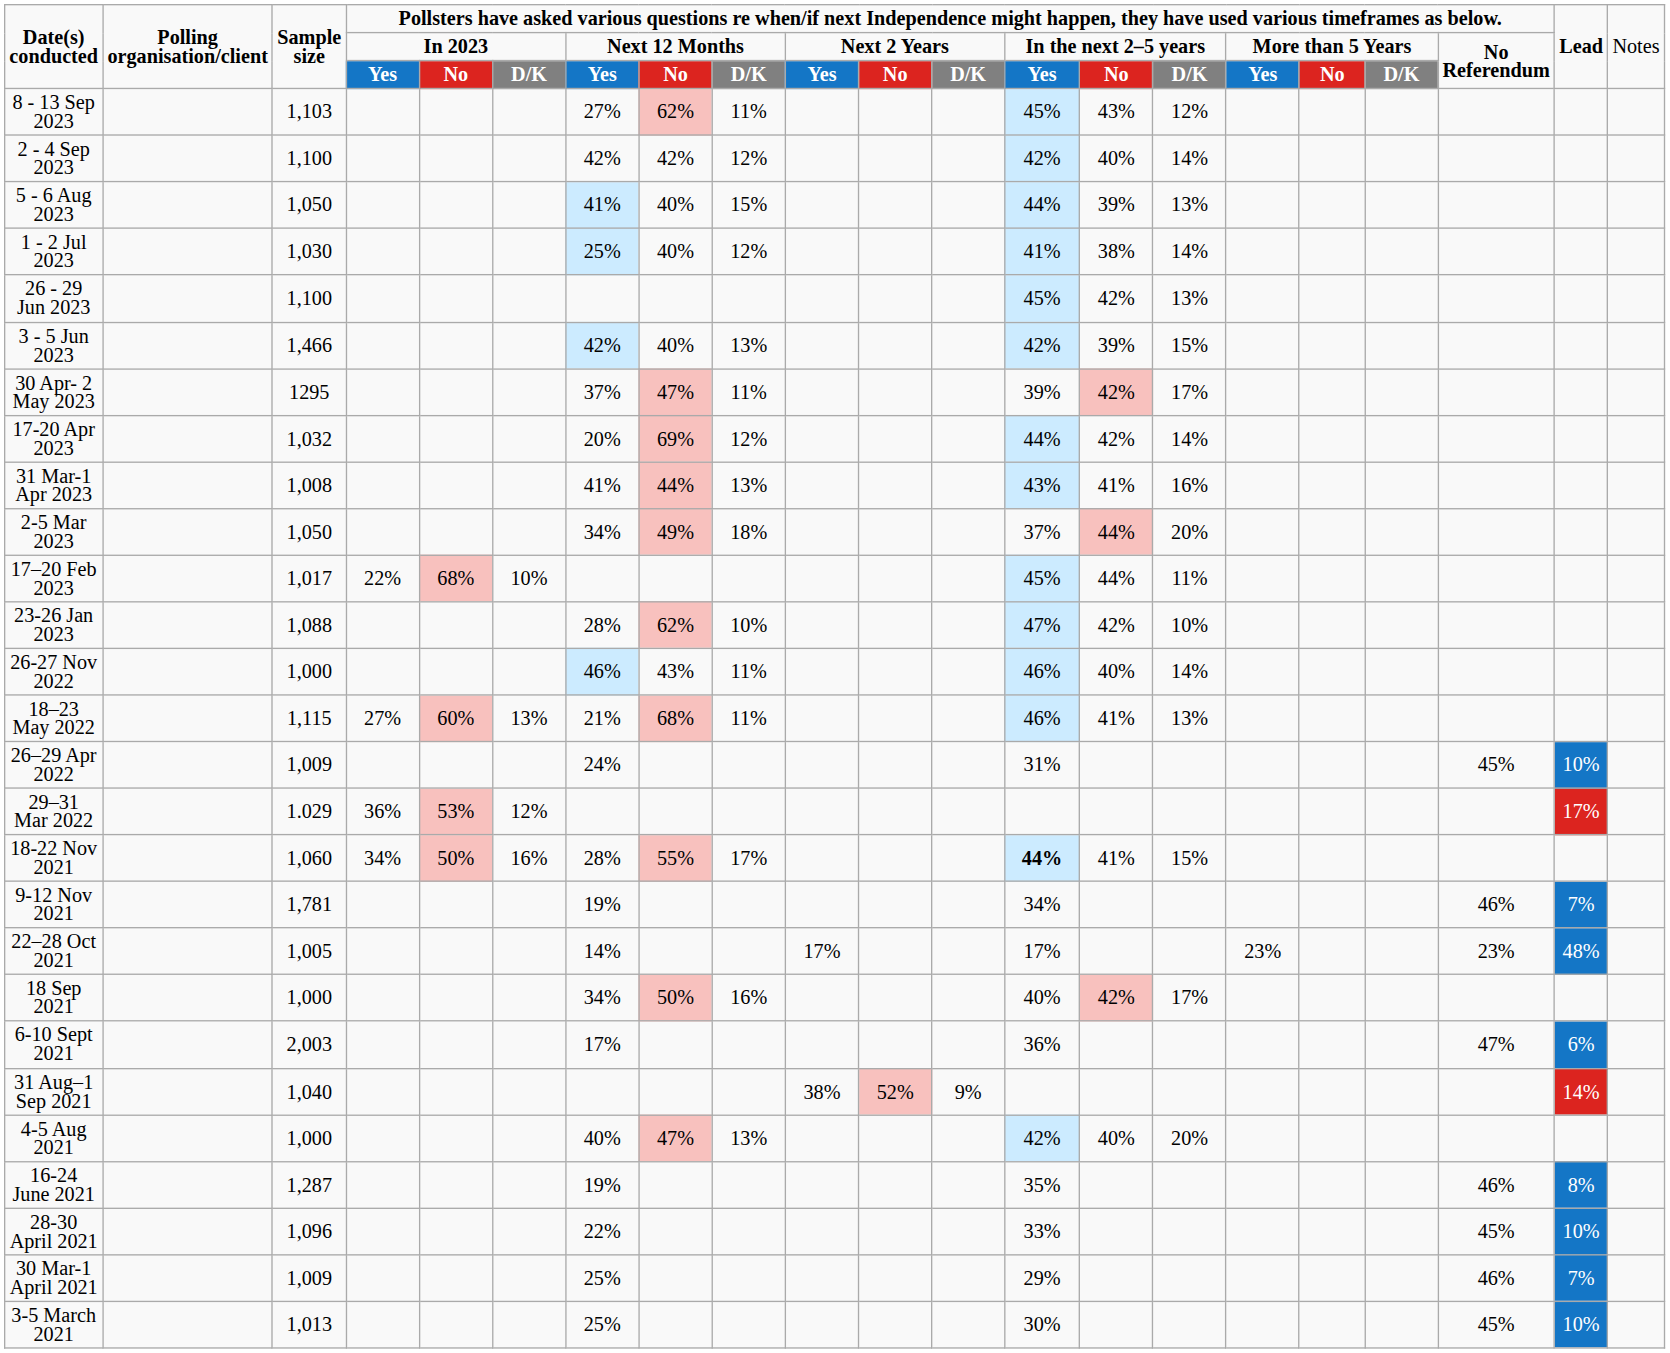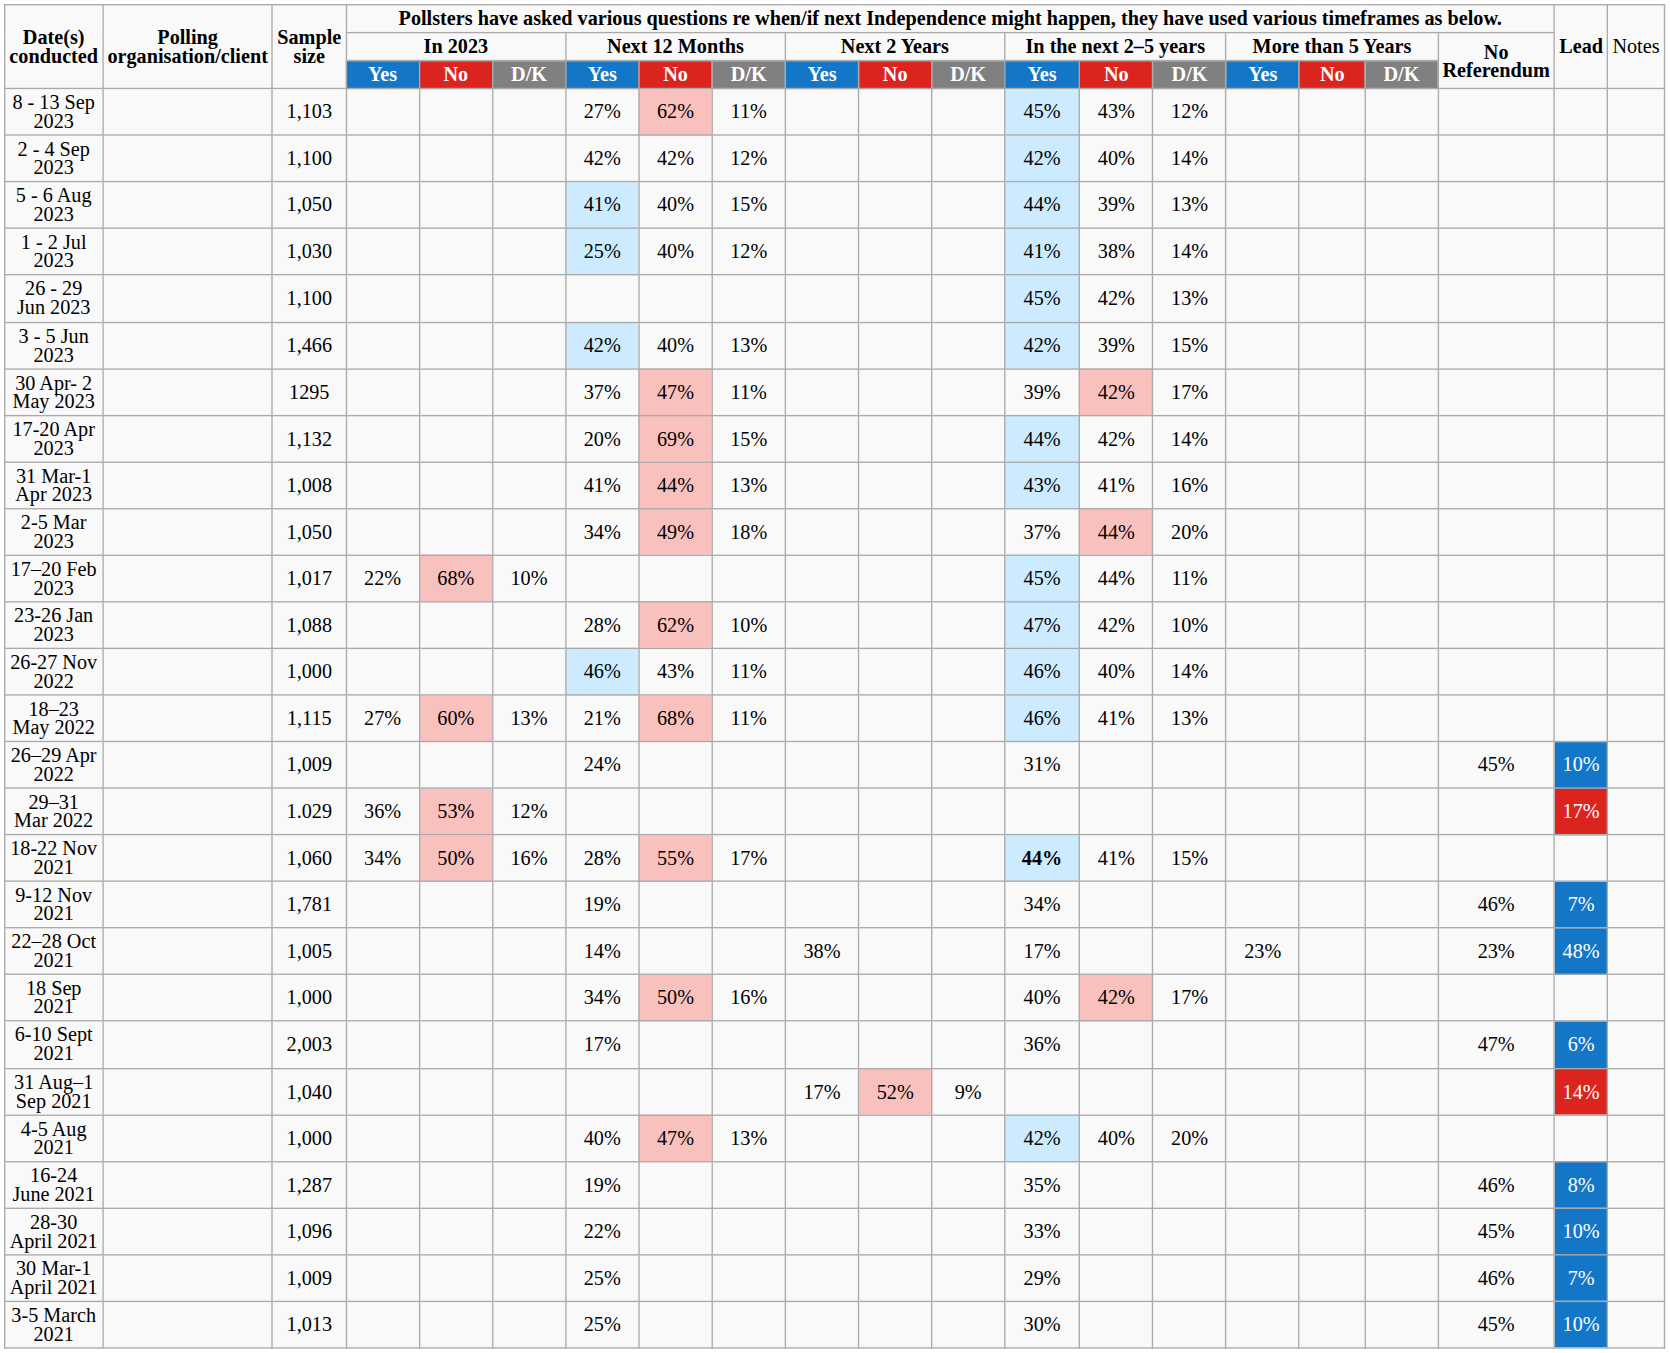 <table class="wikitable sortable" style="text-align: center; line-height: 14px; font-size: 95%;">
 <tr>
 <td rowspan="3"><strong>Date(s) conducted</strong></td>
 <td rowspan="3"><strong>Polling organisation/client</strong></td>
 <td rowspan="3"><strong>Sample size</strong></td>
 <td colspan="16"><strong>Pollsters have asked various questions re when/if next Independence might happen, they have used various timeframes as below.</strong></td>
 <td rowspan="3"><strong>Lead</strong></td>
 <td rowspan="3">Notes</td>
 </tr>
 <tr>
 <td colspan="3"><strong>In 2023</strong></td>
 <td colspan="3"><strong>Next 12  Months</strong></td>
 <td colspan="3"><strong>Next 2 Years</strong></td>
 <td colspan="3"><strong>In the next 2–5 years</strong></td>
 <td colspan="3"><strong>More than 5 Years</strong></td>
 <td rowspan="2"><strong>No Referendum</strong></td>
 </tr>
 <tr>
 <td style="background: #1476c6; width: 80px; color: white;"><strong>Yes</strong></td>
 <td style="background: #DC241F; width: 80px; color: white;"><strong>No</strong></td>
 <td class="unsortable" style="background: gray; width: 80px; color: white;"><strong>D/K</strong></td>
 <td style="background: #1476c6; width: 80px; color: white;"><strong>Yes</strong></td>
 <td style="background: #DC241F; width: 80px; color: white;"><strong>No</strong></td>
 <td class="unsortable" style="background: gray; width: 80px; color: white;"><strong>D/K</strong></td>
 <td style="background: #1476c6; width: 80px; color: white;"><strong>Yes</strong></td>
 <td style="background: #DC241F; width: 80px; color: white;"><strong>No</strong></td>
 <td class="unsortable" style="background: gray; width: 80px; color: white;"><strong>D/K</strong></td>
 <td style="background: #1476c6; width: 80px; color: white;"><strong>Yes</strong></td>
 <td style="background: #DC241F; width: 80px; color: white;"><strong>No</strong></td>
 <td class="unsortable" style="background: gray; width: 80px; color: white;"><strong>D/K</strong></td>
 <td style="background: #1476c6; width: 80px; color: white;"><strong>Yes</strong></td>
 <td style="background: #DC241F; width: 80px; color: white;"><strong>No</strong></td>
 <td class="unsortable" style="background: gray; width: 80px; color: white;"><strong>D/K</strong></td>
 </tr>
 <tr>
 <td>8 - 13 Sep 2023</td>
 <td></td>
 <td>1,103</td>
 <td></td>
 <td></td>
 <td></td>
 <td>27%</td>
 <td style="background: #F8C1BE ;">62%</td>
 <td>11%</td>
 <td></td>
 <td></td>
 <td></td>
 <td style="background:#CCEBFF;">45%</td>
 <td>43%</td>
 <td>12%</td>
 <td></td>
 <td></td>
 <td></td>
 <td></td>
 <td></td>
 <td></td>
 </tr>
 <tr>
 <td>2 - 4 Sep 2023</td>
 <td></td>
 <td>1,100</td>
 <td></td>
 <td></td>
 <td></td>
 <td>42%</td>
 <td>42%</td>
 <td>12%</td>
 <td></td>
 <td></td>
 <td></td>
 <td style="background:#CCEBFF;">42%</td>
 <td>40%</td>
 <td>14%</td>
 <td></td>
 <td></td>
 <td></td>
 <td></td>
 <td></td>
 <td></td>
 </tr>
 <tr>
 <td>5 - 6 Aug 2023</td>
 <td></td>
 <td>1,050</td>
 <td></td>
 <td></td>
 <td></td>
 <td style="background:#CCEBFF;">41%</td>
 <td>40%</td>
 <td>15%</td>
 <td></td>
 <td></td>
 <td></td>
 <td style="background:#CCEBFF;">44%</td>
 <td>39%</td>
 <td>13%</td>
 <td></td>
 <td></td>
 <td></td>
 <td></td>
 <td></td>
 <td></td>
 </tr>
 <tr>
 <td>1 - 2 Jul 2023</td>
 <td></td>
 <td>1,030</td>
 <td></td>
 <td></td>
 <td></td>
 <td style="background:#CCEBFF;">25%</td>
 <td>40%</td>
 <td>12%</td>
 <td></td>
 <td></td>
 <td></td>
 <td style="background:#CCEBFF;">41%</td>
 <td>38%</td>
 <td>14%</td>
 <td></td>
 <td></td>
 <td></td>
 <td></td>
 <td></td>
 <td></td>
 </tr>
 <tr>
 <td>26 - 29 Jun 2023</td>
 <td></td>
 <td>1,100</td>
 <td></td>
 <td></td>
 <td></td>
 <td></td>
 <td></td>
 <td></td>
 <td></td>
 <td></td>
 <td></td>
 <td style="background:#CCEBFF;">45%</td>
 <td>42%</td>
 <td>13%</td>
 <td></td>
 <td></td>
 <td></td>
 <td></td>
 <td></td>
 <td></td>
 </tr>
 <tr>
 <td>3 - 5 Jun 2023</td>
 <td></td>
 <td>1,466</td>
 <td></td>
 <td></td>
 <td></td>
 <td style="background:#CCEBFF;">42%</td>
 <td>40%</td>
 <td>13%</td>
 <td></td>
 <td></td>
 <td></td>
 <td style="background:#CCEBFF;">42%</td>
 <td>39%</td>
 <td>15%</td>
 <td></td>
 <td></td>
 <td></td>
 <td></td>
 <td></td>
 <td></td>
 </tr>
 <tr>
 <td>30 Apr- 2 May 2023</td>
 <td></td>
 <td>1295</td>
 <td></td>
 <td></td>
 <td></td>
 <td>37%</td>
 <td style="background: rgb(248, 193, 190);">47%</td>
 <td>11%</td>
 <td></td>
 <td></td>
 <td></td>
 <td>39%</td>
 <td style="background: rgb(248, 193, 190);">42%</td>
 <td>17%</td>
 <td></td>
 <td></td>
 <td></td>
 <td></td>
 <td></td>
 <td></td>
 </tr>
 <tr>
 <td>17-20 Apr 2023</td>
 <td></td>
-<td>1,032</td>
+<td>1,132</td>
 <td></td>
 <td></td>
 <td></td>
 <td>20%</td>
 <td style="background: #F8C1BE">69%</td>
-<td>12%</td>
+<td>15%</td>
 <td></td>
 <td></td>
 <td></td>
 <td style="background:#CCEBFF;">44%</td>
 <td>42%</td>
 <td>14%</td>
 <td></td>
 <td></td>
 <td></td>
 <td></td>
 <td></td>
 <td></td>
 </tr>
 <tr>
 <td>31 Mar-1 Apr 2023</td>
 <td></td>
 <td>1,008</td>
 <td></td>
 <td></td>
 <td></td>
 <td>41%</td>
 <td style="background: rgb(248, 193, 190);">44%</td>
 <td>13%</td>
 <td></td>
 <td></td>
 <td></td>
 <td style="background:#CCEBFF;">43%</td>
 <td>41%</td>
 <td>16%</td>
 <td></td>
 <td></td>
 <td></td>
 <td></td>
 <td></td>
 <td></td>
 </tr>
 <tr>
 <td>2-5 Mar 2023</td>
 <td></td>
 <td>1,050</td>
 <td></td>
 <td></td>
 <td></td>
 <td>34%</td>
 <td style="background: rgb(248, 193, 190);">49%</td>
 <td>18%</td>
 <td></td>
 <td></td>
 <td></td>
 <td>37%</td>
 <td style="background: rgb(248, 193, 190);">44%</td>
 <td>20%</td>
 <td></td>
 <td></td>
 <td></td>
 <td></td>
 <td></td>
 <td></td>
 </tr>
 <tr>
 <td>17–20 Feb 2023</td>
 <td></td>
 <td>1,017</td>
 <td>22%</td>
 <td style="background: #F8C1BE ">68%</td>
 <td>10%</td>
 <td></td>
 <td></td>
 <td></td>
 <td></td>
 <td></td>
 <td></td>
 <td style="background:#CCEBFF;">45%</td>
 <td>44%</td>
 <td>11%</td>
 <td></td>
 <td></td>
 <td></td>
 <td></td>
 <td></td>
 <td></td>
 </tr>
 <tr>
 <td>23-26 Jan 2023</td>
 <td></td>
 <td>1,088</td>
 <td></td>
 <td></td>
 <td></td>
 <td>28%</td>
 <td style="background: #F8C1BE ">62%</td>
 <td>10%</td>
 <td></td>
 <td></td>
 <td></td>
 <td style="background:#CCEBFF;">47%</td>
 <td>42%</td>
 <td>10%</td>
 <td></td>
 <td></td>
 <td></td>
 <td></td>
 <td></td>
 <td></td>
 </tr>
 <tr>
 <td>26-27 Nov 2022</td>
 <td></td>
 <td>1,000</td>
 <td></td>
 <td></td>
 <td></td>
 <td style="background:#CCEBFF;">46%</td>
 <td>43%</td>
 <td>11%</td>
 <td></td>
 <td></td>
 <td></td>
 <td style="background:#CCEBFF;">46%</td>
 <td>40%</td>
 <td>14%</td>
 <td></td>
 <td></td>
 <td></td>
 <td></td>
 <td></td>
 <td></td>
 </tr>
 <tr>
 <td>18–23 May 2022</td>
 <td></td>
 <td>1,115</td>
 <td>27%</td>
 <td style="background: #F8C1BE ">60%</td>
 <td>13%</td>
 <td>21%</td>
 <td style="background: #F8C1BE ">68%</td>
 <td>11%</td>
 <td></td>
 <td></td>
 <td></td>
 <td style="background:#CCEBFF;">46%</td>
 <td>41%</td>
 <td>13%</td>
 <td></td>
 <td></td>
 <td></td>
 <td></td>
 <td></td>
 <td></td>
 </tr>
 <tr>
 <td>26–29 Apr 2022</td>
 <td></td>
 <td>1,009</td>
 <td></td>
 <td></td>
 <td></td>
 <td>24%</td>
 <td></td>
 <td></td>
 <td></td>
 <td></td>
 <td></td>
 <td>31%</td>
 <td></td>
 <td></td>
 <td></td>
 <td></td>
 <td></td>
 <td>45%</td>
 <td style="background:#1476c6; color: white;">10%</td>
 <td></td>
 </tr>
 <tr>
 <td>29–31 Mar 2022</td>
 <td></td>
 <td>1.029</td>
 <td>36%</td>
 <td style="background: #F8C1BE ">53%</td>
 <td>12%</td>
 <td></td>
 <td></td>
 <td></td>
 <td></td>
 <td></td>
 <td></td>
 <td></td>
 <td></td>
 <td></td>
 <td></td>
 <td></td>
 <td></td>
 <td></td>
 <td style="background: #DC241F; color: white;">17%</td>
 <td></td>
 </tr>
 <tr>
 <td>18-22  Nov 2021</td>
 <td></td>
 <td>1,060</td>
 <td>34%</td>
 <td style="background: #F8C1BE ">50%</td>
 <td>16%</td>
 <td>28%</td>
 <td style="background: #F8C1BE ">55%</td>
 <td>17%</td>
 <td></td>
 <td></td>
 <td></td>
 <td style="background:#CCEBFF;"><strong>44%</strong></td>
 <td>41%</td>
 <td>15%</td>
 <td></td>
 <td></td>
 <td></td>
 <td></td>
 <td></td>
 <td></td>
 </tr>
 <tr>
 <td>9-12  Nov 2021</td>
 <td></td>
 <td>1,781</td>
 <td></td>
 <td></td>
 <td></td>
 <td>19%</td>
 <td></td>
 <td></td>
 <td></td>
 <td></td>
 <td></td>
 <td>34%</td>
 <td></td>
 <td></td>
 <td></td>
 <td></td>
 <td></td>
 <td>46%</td>
 <td style="background:#1476c6; color: white;">7%</td>
 <td></td>
 </tr>
 <tr>
 <td>22–28 Oct 2021</td>
 <td></td>
 <td>1,005</td>
 <td></td>
 <td></td>
 <td></td>
 <td>14%</td>
 <td></td>
 <td></td>
-<td>17%</td>
+<td>38%</td>
 <td></td>
 <td></td>
 <td>17%</td>
 <td></td>
 <td></td>
 <td>23%</td>
 <td></td>
 <td></td>
 <td>23%</td>
 <td style="background:#1476c6; color: white;">48%</td>
 <td></td>
 </tr>
 <tr>
 <td>18 Sep 2021</td>
 <td></td>
 <td>1,000</td>
 <td></td>
 <td></td>
 <td></td>
 <td>34%</td>
 <td style="background: #F8C1BE ">50%</td>
 <td>16%</td>
 <td></td>
 <td></td>
 <td></td>
 <td>40%</td>
 <td style="background: rgb(248, 193, 190);">42%</td>
 <td>17%</td>
 <td></td>
 <td></td>
 <td></td>
 <td></td>
 <td></td>
 <td></td>
 </tr>
 <tr>
 <td>6-10  Sept 2021</td>
 <td></td>
 <td>2,003</td>
 <td></td>
 <td></td>
 <td></td>
 <td>17%</td>
 <td></td>
 <td></td>
 <td></td>
 <td></td>
 <td></td>
 <td>36%</td>
 <td></td>
 <td></td>
 <td></td>
 <td></td>
 <td></td>
 <td>47%</td>
 <td style="background:#1476c6; color: white;">6%</td>
 <td></td>
 </tr>
 <tr>
 <td>31 Aug–1 Sep 2021</td>
 <td></td>
 <td>1,040</td>
 <td></td>
 <td></td>
 <td></td>
 <td></td>
 <td></td>
 <td></td>
-<td>38%</td>
+<td>17%</td>
 <td style="background: #F8C1BE">52%</td>
 <td>9%</td>
 <td></td>
 <td></td>
 <td></td>
 <td></td>
 <td></td>
 <td></td>
 <td></td>
 <td style="background: #DC241F; color: white;">14%</td>
 <td></td>
 </tr>
 <tr>
 <td>4-5 Aug 2021</td>
 <td></td>
 <td>1,000</td>
 <td></td>
 <td></td>
 <td></td>
 <td>40%</td>
 <td style="background: rgb(248, 193, 190);">47%</td>
 <td>13%</td>
 <td></td>
 <td></td>
 <td></td>
 <td style="background:#CCEBFF;">42%</td>
 <td>40%</td>
 <td>20%</td>
 <td></td>
 <td></td>
 <td></td>
 <td></td>
 <td></td>
 <td></td>
 </tr>
 <tr>
 <td>16-24  June 2021</td>
 <td></td>
 <td>1,287</td>
 <td></td>
 <td></td>
 <td></td>
 <td>19%</td>
 <td></td>
 <td></td>
 <td></td>
 <td></td>
 <td></td>
 <td>35%</td>
 <td></td>
 <td></td>
 <td></td>
 <td></td>
 <td></td>
 <td>46%</td>
 <td style="background:#1476c6; color: white;">8%</td>
 <td></td>
 </tr>
 <tr>
 <td>28-30  April 2021</td>
 <td></td>
 <td>1,096</td>
 <td></td>
 <td></td>
 <td></td>
 <td>22%</td>
 <td></td>
 <td></td>
 <td></td>
 <td></td>
 <td></td>
 <td>33%</td>
 <td></td>
 <td></td>
 <td></td>
 <td></td>
 <td></td>
 <td>45%</td>
 <td style="background:#1476c6; color: white;">10%</td>
 <td></td>
 </tr>
 <tr>
 <td>30  Mar-1 April 2021</td>
 <td></td>
 <td>1,009</td>
 <td></td>
 <td></td>
 <td></td>
 <td>25%</td>
 <td></td>
 <td></td>
 <td></td>
 <td></td>
 <td></td>
 <td>29%</td>
 <td></td>
 <td></td>
 <td></td>
 <td></td>
 <td></td>
 <td>46%</td>
 <td style="background:#1476c6; color: white;">7%</td>
 <td></td>
 </tr>
 <tr>
 <td>3-5  March 2021</td>
 <td></td>
 <td>1,013</td>
 <td></td>
 <td></td>
 <td></td>
 <td>25%</td>
 <td></td>
 <td></td>
 <td></td>
 <td></td>
 <td></td>
 <td>30%</td>
 <td></td>
 <td></td>
 <td></td>
 <td></td>
 <td></td>
 <td>45%</td>
 <td style="background:#1476c6; color: white;">10%</td>
 <td></td>
 </tr>
 </table>
